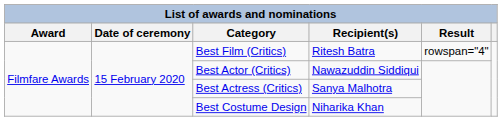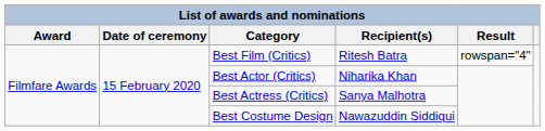 <table class="wikitable sortable" style="font-size:small">
 <tr style="background:#ccc; text-align:center;">
 <th colspan="6" style="background: LightSteelBlue;">List of awards and nominations</th>
 </tr>
 <tr style="background:#ccc; text-align:center;">
 <th>Award</th>
 <th>Date of ceremony</th>
 <th>Category</th>
 <th>Recipient(s)</th>
 <th>Result</th>
 <th class="unsortable"></th>
 </tr>
 <tr>
 <td rowspan="4"><a href='#'>Filmfare Awards</a></td>
 <td rowspan="4"><a href='#'>15 February 2020</a></td>
 <td><a href='#'>Best Film (Critics)</a></td>
 <td><a href='#'>Ritesh Batra</a></td>
 <td>rowspan="4" </td>
 <td rowspan="4"></td>
 </tr>
 <tr>
 <td><a href='#'>Best Actor (Critics)</a></td>
-<td><a href='#'>Nawazuddin Siddiqui</a></td>
+<td><a href='#'>Niharika Khan</a></td>
 </tr>
 <tr>
 <td><a href='#'>Best Actress (Critics)</a></td>
 <td><a href='#'>Sanya Malhotra</a></td>
 </tr>
 <tr>
 <td><a href='#'>Best Costume Design</a></td>
-<td><a href='#'>Niharika Khan</a></td>
+<td><a href='#'>Nawazuddin Siddiqui</a></td>
 </tr>
 </table>
